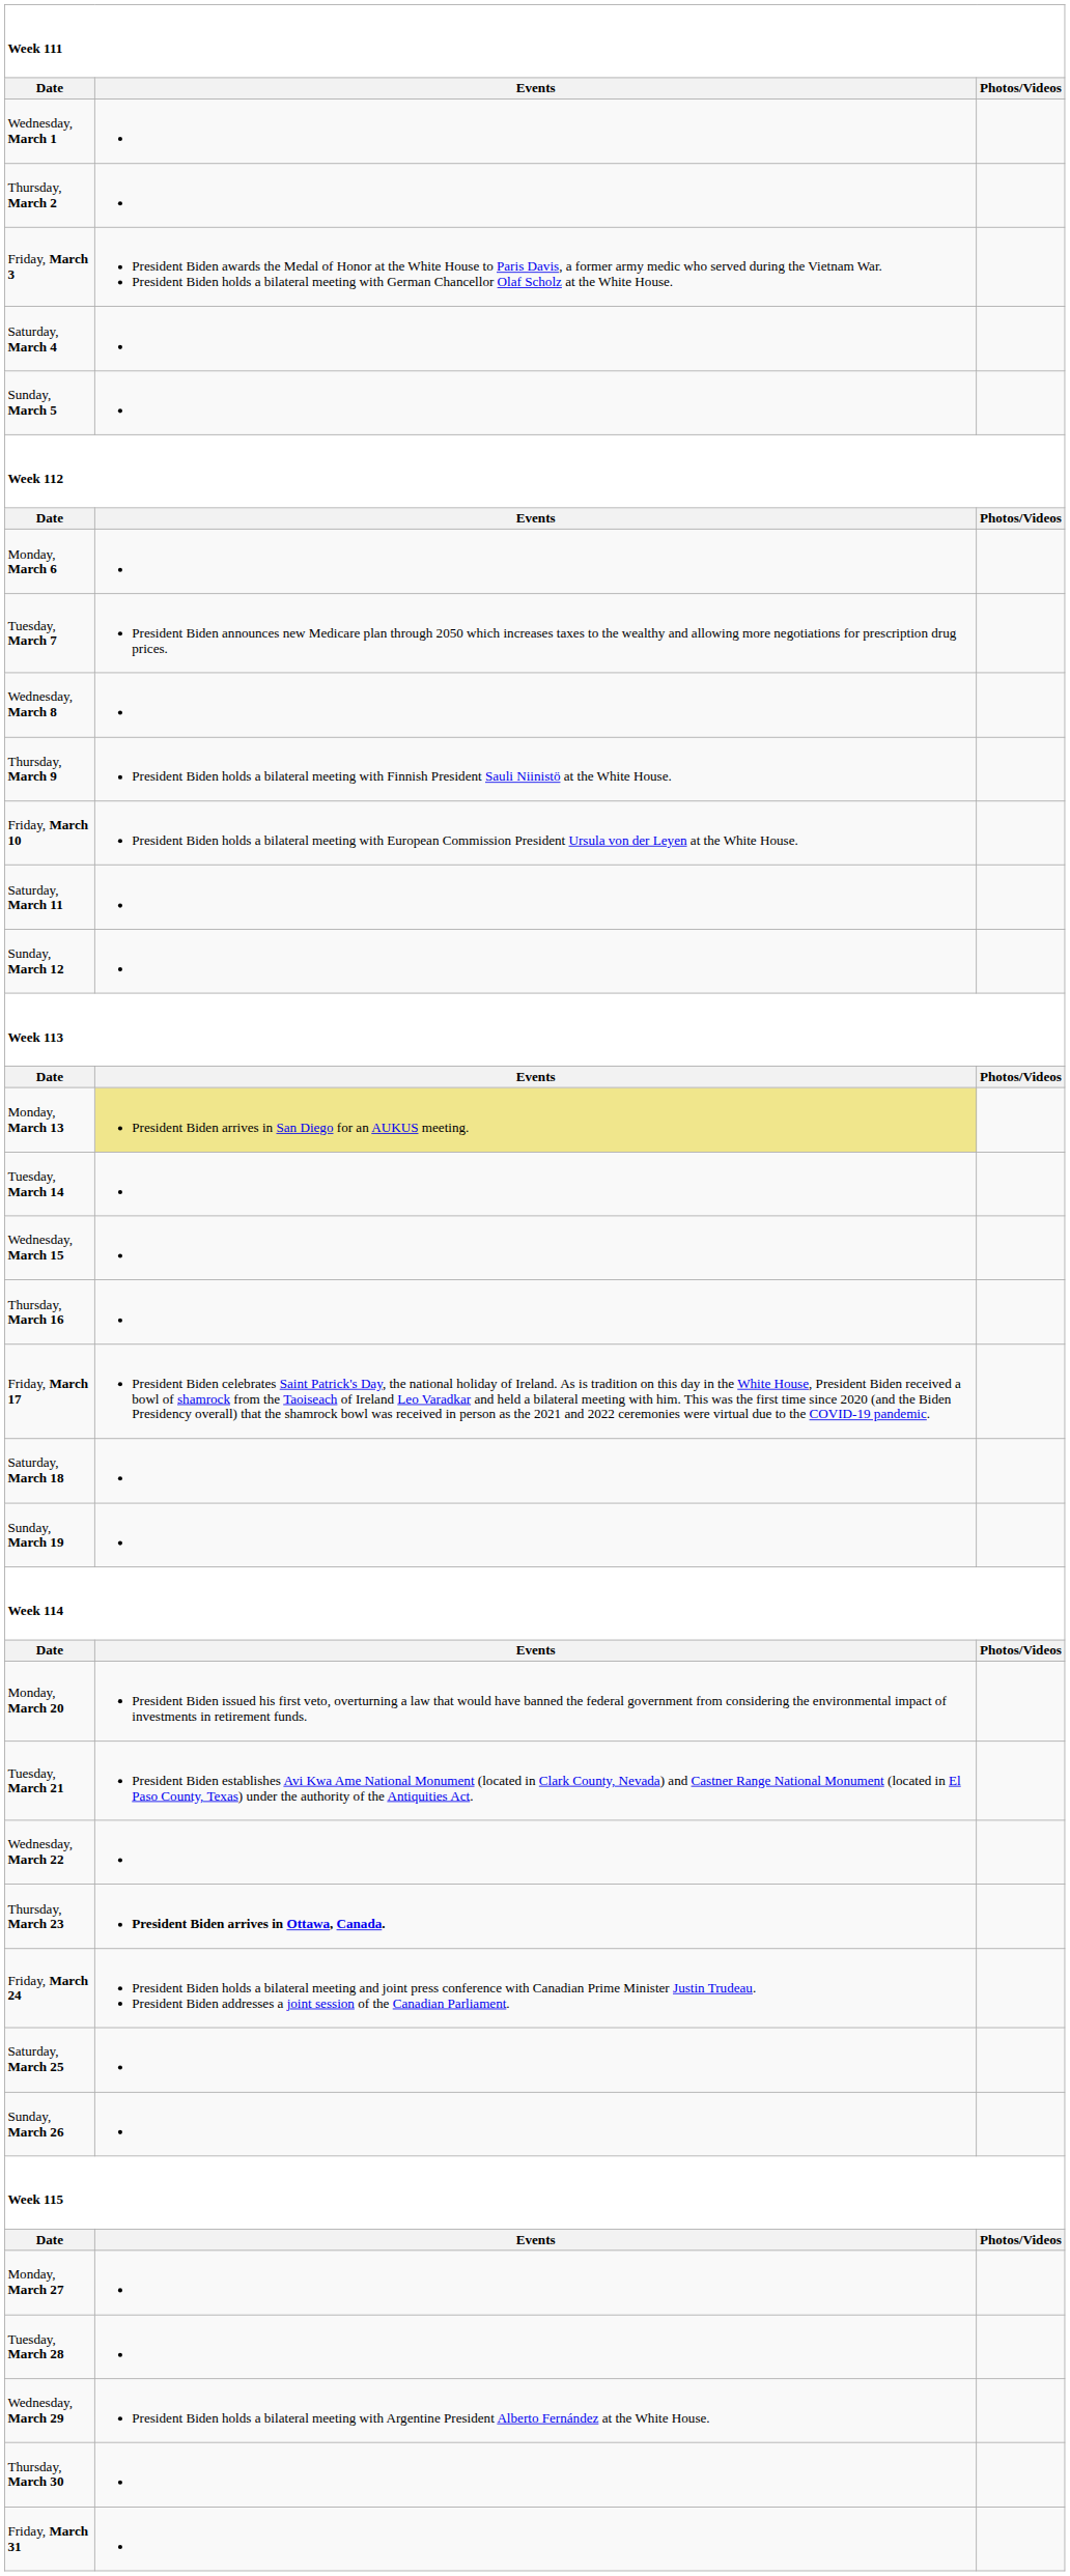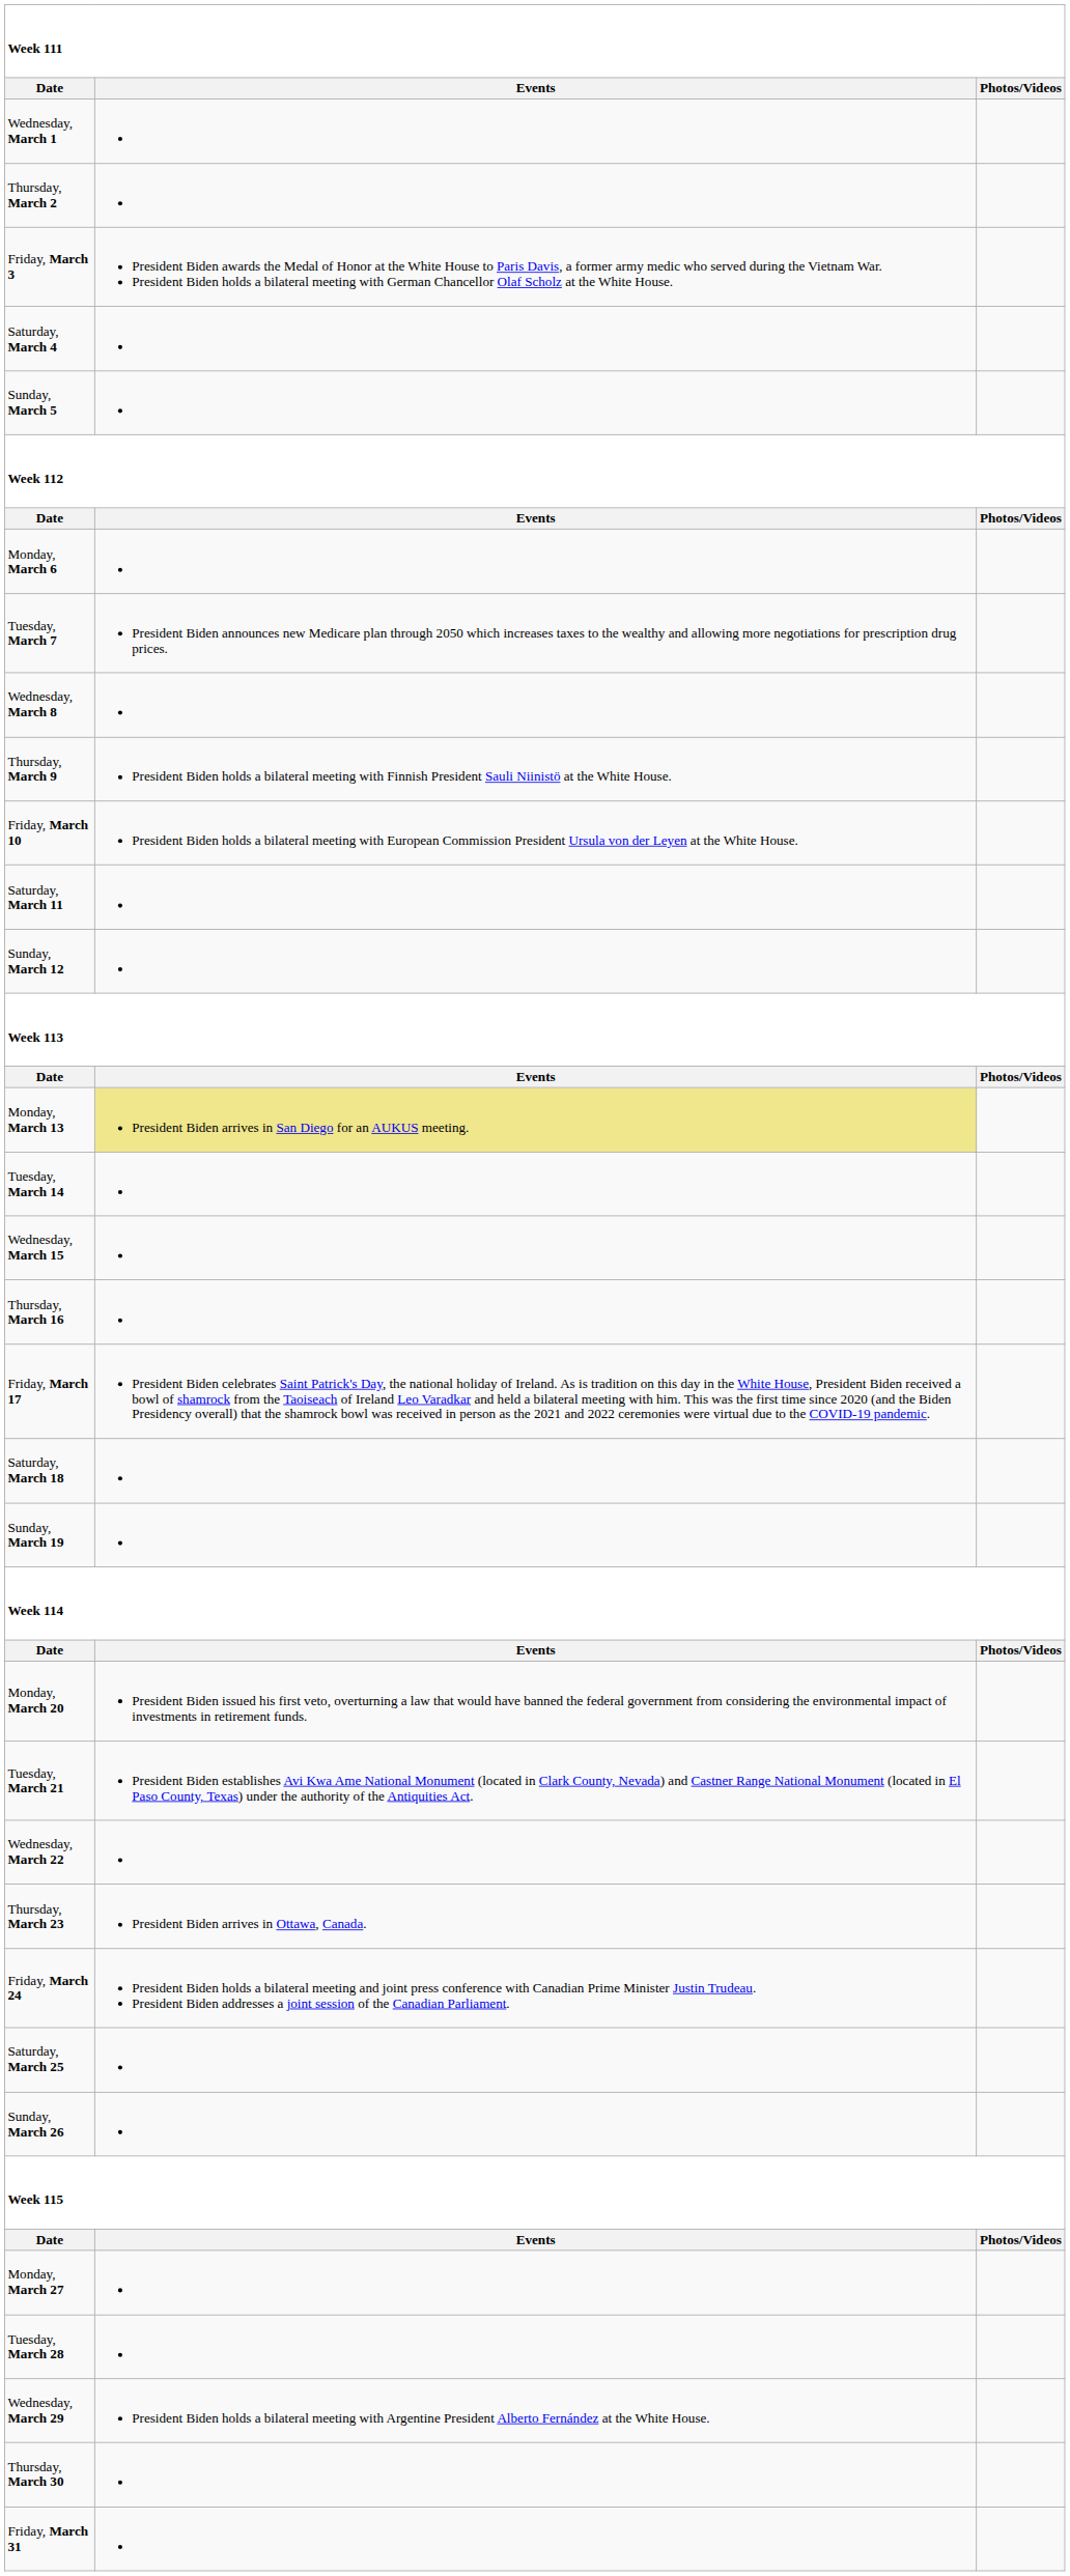 <table class="wikitable">
 <tr style="background:white;">
 <td colspan="3"><br><h4>Week 111</h4></td>
 </tr>
 <tr>
 <th>Date</th>
 <th>Events</th>
 <th>Photos/Videos</th>
 </tr>
 <tr>
 <td>Wednesday, <strong>March 1</strong></td>
 <td><br><ul><li></li></ul></td>
 <td></td>
 </tr>
 <tr>
 <td>Thursday, <strong>March 2</strong></td>
 <td><br><ul><li></li></ul></td>
 <td></td>
 </tr>
 <tr>
 <td>Friday, <strong>March 3</strong></td>
 <td><br><ul><li>President Biden awards the Medal of Honor at the White House to <a href='#'>Paris Davis</a>, a former army medic who served during the Vietnam War.</li><li>President Biden holds a bilateral meeting with German Chancellor <a href='#'>Olaf Scholz</a> at the White House.</li></ul></td>
 <td><br></td>
 </tr>
 <tr>
 <td>Saturday, <strong>March 4</strong></td>
 <td><br><ul><li></li></ul></td>
 <td></td>
 </tr>
 <tr>
 <td>Sunday, <strong>March 5</strong></td>
 <td><br><ul><li></li></ul></td>
 <td></td>
 </tr>
 <tr style="background:white;">
 <td colspan="3"><br><h4>Week 112</h4></td>
 </tr>
 <tr>
 <th>Date</th>
 <th>Events</th>
 <th>Photos/Videos</th>
 </tr>
 <tr>
 <td>Monday, <strong>March 6</strong></td>
 <td><br><ul><li></li></ul></td>
 <td></td>
 </tr>
 <tr>
 <td>Tuesday, <strong>March 7</strong></td>
 <td><br><ul><li>President Biden announces new Medicare plan through 2050 which increases taxes to the wealthy and allowing more negotiations for prescription drug prices.</li></ul></td>
 <td></td>
 </tr>
 <tr>
 <td>Wednesday, <strong>March 8</strong></td>
 <td><br><ul><li></li></ul></td>
 <td></td>
 </tr>
 <tr>
 <td>Thursday, <strong>March 9</strong></td>
 <td><br><ul><li>President Biden holds a bilateral meeting with Finnish President <a href='#'>Sauli Niinistö</a> at the White House.</li></ul></td>
 <td></td>
 </tr>
 <tr>
 <td>Friday, <strong>March 10</strong></td>
 <td><br><ul><li>President Biden holds a bilateral meeting with European Commission President <a href='#'>Ursula von der Leyen</a> at the White House.</li></ul></td>
 <td></td>
 </tr>
 <tr>
 <td>Saturday, <strong>March 11</strong></td>
 <td><br><ul><li></li></ul></td>
 <td></td>
 </tr>
 <tr>
 <td>Sunday, <strong>March 12</strong></td>
 <td><br><ul><li></li></ul></td>
 <td></td>
 </tr>
 <tr style="background:white;">
 <td colspan="3"><br><h4>Week 113</h4></td>
 </tr>
 <tr>
 <th>Date</th>
 <th>Events</th>
 <th>Photos/Videos</th>
 </tr>
 <tr>
 <td>Monday, <strong>March 13</strong></td>
 <td style="background: khaki;"><br><ul><li>President Biden arrives in <a href='#'>San Diego</a> for an <a href='#'>AUKUS</a> meeting.</li></ul></td>
 <td></td>
 </tr>
 <tr>
 <td>Tuesday, <strong>March 14</strong></td>
 <td><br><ul><li></li></ul></td>
 <td></td>
 </tr>
 <tr>
 <td>Wednesday, <strong>March 15</strong></td>
 <td><br><ul><li></li></ul></td>
 <td></td>
 </tr>
 <tr>
 <td>Thursday, <strong>March 16</strong></td>
 <td><br><ul><li></li></ul></td>
 <td></td>
 </tr>
 <tr>
 <td>Friday, <strong>March 17</strong></td>
 <td><br><ul><li>President Biden celebrates <a href='#'>Saint Patrick's Day</a>, the national holiday of Ireland. As is tradition on this day in the <a href='#'>White House</a>, President Biden received a bowl of <a href='#'>shamrock</a> from the <a href='#'>Taoiseach</a> of Ireland <a href='#'>Leo Varadkar</a> and held a bilateral meeting with him. This was the first time since 2020 (and the Biden Presidency overall) that the shamrock bowl was received in person as the 2021 and 2022 ceremonies were virtual due to the <a href='#'>COVID-19 pandemic</a>.</li></ul></td>
 <td></td>
 </tr>
 <tr>
 <td>Saturday, <strong>March 18</strong></td>
 <td><br><ul><li></li></ul></td>
 <td></td>
 </tr>
 <tr>
 <td>Sunday, <strong>March 19</strong></td>
 <td><br><ul><li></li></ul></td>
 <td></td>
 </tr>
 <tr style="background:white;">
 <td colspan="3"><br><h4>Week 114</h4></td>
 </tr>
 <tr>
 <th>Date</th>
 <th>Events</th>
 <th>Photos/Videos</th>
 </tr>
 <tr>
 <td>Monday, <strong>March 20</strong></td>
 <td><br><ul><li>President Biden issued his first veto, overturning a law that would have banned the federal government from considering the environmental impact of investments in retirement funds.</li></ul></td>
 <td></td>
 </tr>
 <tr>
 <td>Tuesday, <strong>March 21</strong></td>
 <td><br><ul><li>President Biden establishes <a href='#'>Avi Kwa Ame National Monument</a> (located in <a href='#'>Clark County, Nevada</a>) and <a href='#'>Castner Range National Monument</a> (located in <a href='#'>El Paso County, Texas</a>) under the authority of the <a href='#'>Antiquities Act</a>.</li></ul></td>
 <td></td>
 </tr>
 <tr>
 <td>Wednesday, <strong>March 22</strong></td>
 <td><br><ul><li></li></ul></td>
 <td></td>
 </tr>
 <tr>
 <td>Thursday, <strong>March 23</strong></td>
-<td><strong><br><ul><li>President Biden arrives in <a href='#'>Ottawa</a>, <a href='#'>Canada</a>.</li></ul></strong></td>
+<td><br><ul><li>President Biden arrives in <a href='#'>Ottawa</a>, <a href='#'>Canada</a>.</li></ul></td>
 <td></td>
 </tr>
 <tr>
 <td>Friday, <strong>March 24</strong></td>
 <td><br><ul><li>President Biden holds a bilateral meeting and joint press conference with Canadian Prime Minister <a href='#'>Justin Trudeau</a>.</li><li>President Biden addresses a <a href='#'>joint session</a> of the <a href='#'>Canadian Parliament</a>.</li></ul></td>
 <td></td>
 </tr>
 <tr>
 <td>Saturday, <strong>March 25</strong></td>
 <td><br><ul><li></li></ul></td>
 <td></td>
 </tr>
 <tr>
 <td>Sunday, <strong>March 26</strong></td>
 <td><br><ul><li></li></ul></td>
 <td></td>
 </tr>
 <tr style="background:white;">
 <td colspan="3"><br><h4>Week 115</h4></td>
 </tr>
 <tr>
 <th>Date</th>
 <th>Events</th>
 <th>Photos/Videos</th>
 </tr>
 <tr>
 <td>Monday, <strong>March 27</strong></td>
 <td><br><ul><li></li></ul></td>
 <td></td>
 </tr>
 <tr>
 <td>Tuesday, <strong>March 28</strong></td>
 <td><br><ul><li></li></ul></td>
 <td></td>
 </tr>
 <tr>
 <td>Wednesday, <strong>March 29</strong></td>
 <td><br><ul><li>President Biden holds a bilateral meeting with Argentine President <a href='#'>Alberto Fernández</a> at the White House.</li></ul></td>
 <td></td>
 </tr>
 <tr>
 <td>Thursday, <strong>March 30</strong></td>
 <td><br><ul><li></li></ul></td>
 <td></td>
 </tr>
 <tr>
 <td>Friday, <strong>March 31</strong></td>
 <td><br><ul><li></li></ul></td>
 <td></td>
 </tr>
 </table>
